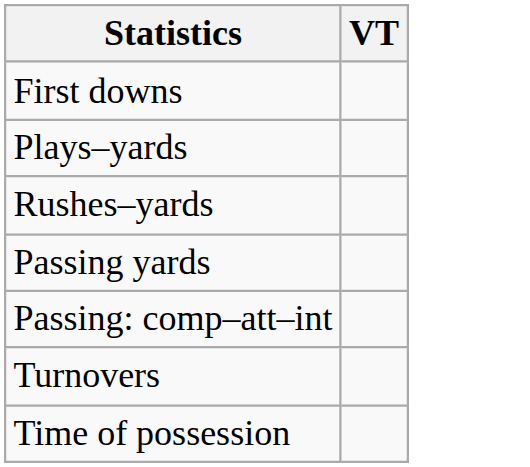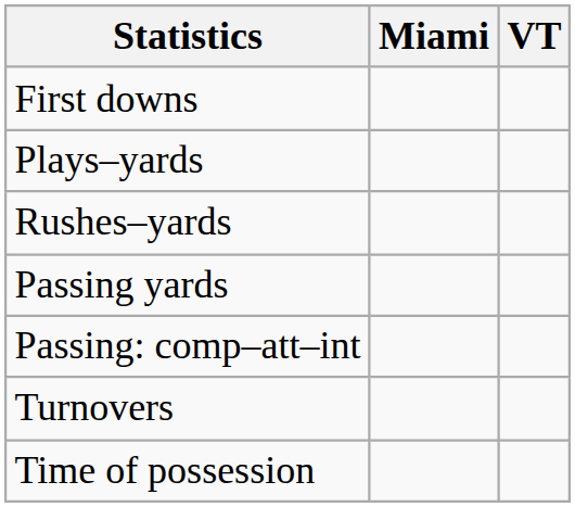 <table class="wikitable" style="float:left">
 <tr>
 <th>Statistics</th>
+<th>Miami</th>
 <th>VT</th>
 </tr>
 <tr>
 <td>First downs</td>
 <td></td>
+<td></td>
 </tr>
 <tr>
 <td>Plays–yards</td>
+<td></td>
 <td></td>
 </tr>
 <tr>
 <td>Rushes–yards</td>
 <td></td>
+<td></td>
 </tr>
 <tr>
 <td>Passing yards</td>
+<td></td>
 <td></td>
 </tr>
 <tr>
 <td>Passing: comp–att–int</td>
 <td></td>
+<td></td>
 </tr>
 <tr>
 <td>Turnovers</td>
+<td></td>
 <td></td>
 </tr>
 <tr>
 <td>Time of possession</td>
 <td></td>
+<td></td>
 </tr>
 </table>
